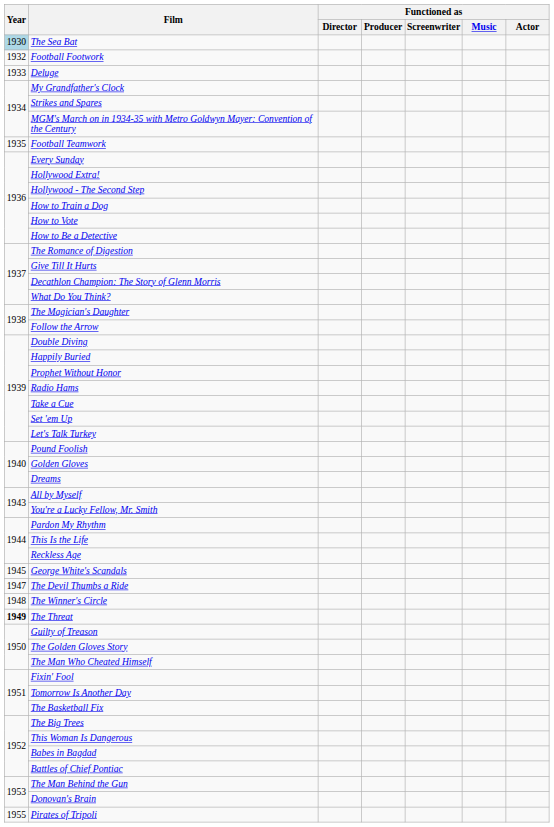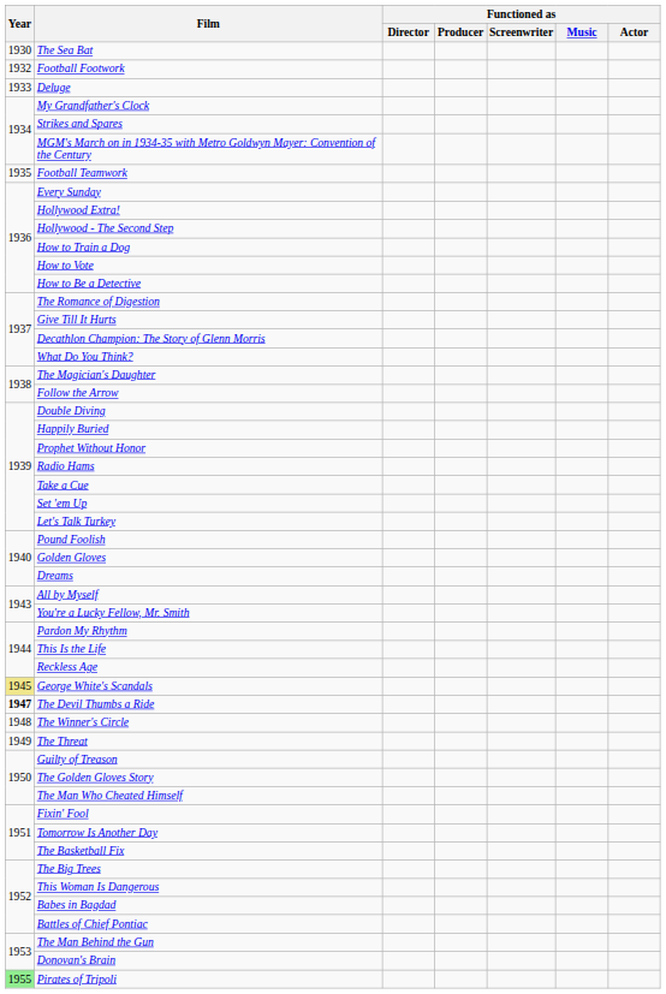 <table class="wikitable">
 <tr>
 <th rowspan="2" width="33">Year</th>
 <th rowspan="2" width="475">Film</th>
 <th colspan="5">Functioned as</th>
 </tr>
 <tr>
 <th width=65>Director</th>
 <th width=65>Producer</th>
 <th width=65>Screenwriter</th>
 <th width=65><a href='#'>Music</a></th>
 <th width=65>Actor</th>
 </tr>
 <tr align="center">
-<td rowspan=1 style="background: lightblue;">1930</td>
+<td rowspan=1>1930</td>
 <td align="left"><em><a href='#'>The Sea Bat</a></em></td>
 <td></td>
 <td></td>
 <td></td>
 <td></td>
 <td></td>
 </tr>
 <tr align="center">
 <td rowspan=1>1932</td>
 <td align="left"><em><a href='#'>Football Footwork</a></em></td>
 <td></td>
 <td></td>
 <td></td>
 <td></td>
 <td></td>
 </tr>
 <tr align="center">
 <td rowspan=1>1933</td>
 <td align="left"><em><a href='#'>Deluge</a></em></td>
 <td></td>
 <td></td>
 <td></td>
 <td></td>
 <td></td>
 </tr>
 <tr align="center">
 <td rowspan=3>1934</td>
 <td align="left"><em><a href='#'>My Grandfather's Clock</a></em></td>
 <td></td>
 <td></td>
 <td></td>
 <td></td>
 <td></td>
 </tr>
 <tr align="center">
 <td align="left"><em><a href='#'>Strikes and Spares</a></em></td>
 <td></td>
 <td></td>
 <td></td>
 <td></td>
 <td></td>
 </tr>
 <tr align="center">
 <td align="left"><em><a href='#'>MGM's March on in 1934-35 with Metro Goldwyn Mayer: Convention of the Century</a></em></td>
 <td></td>
 <td></td>
 <td></td>
 <td></td>
 <td></td>
 </tr>
 <tr align="center">
 <td rowspan=1>1935</td>
 <td align="left"><em><a href='#'>Football Teamwork</a></em></td>
 <td></td>
 <td></td>
 <td></td>
 <td></td>
 <td></td>
 </tr>
 <tr align="center">
 <td rowspan=6>1936</td>
 <td align="left"><em><a href='#'>Every Sunday</a></em></td>
 <td></td>
 <td></td>
 <td></td>
 <td></td>
 <td></td>
 </tr>
 <tr align="center">
 <td align="left"><em><a href='#'>Hollywood Extra!</a></em></td>
 <td></td>
 <td></td>
 <td></td>
 <td></td>
 <td></td>
 </tr>
 <tr align="center">
 <td align="left"><em><a href='#'>Hollywood - The Second Step</a></em></td>
 <td></td>
 <td></td>
 <td></td>
 <td></td>
 <td></td>
 </tr>
 <tr align="center">
 <td align="left"><em><a href='#'>How to Train a Dog</a></em></td>
 <td></td>
 <td></td>
 <td></td>
 <td></td>
 <td></td>
 </tr>
 <tr align="center">
 <td align="left"><em><a href='#'>How to Vote</a></em></td>
 <td></td>
 <td></td>
 <td></td>
 <td></td>
 <td></td>
 </tr>
 <tr align="center">
 <td align="left"><em><a href='#'>How to Be a Detective</a></em></td>
 <td></td>
 <td></td>
 <td></td>
 <td></td>
 <td></td>
 </tr>
 <tr align="center">
 <td rowspan=4>1937</td>
 <td align="left"><em><a href='#'>The Romance of Digestion</a></em></td>
 <td></td>
 <td></td>
 <td></td>
 <td></td>
 <td></td>
 </tr>
 <tr align="center">
 <td align="left"><em><a href='#'>Give Till It Hurts</a></em></td>
 <td></td>
 <td></td>
 <td></td>
 <td></td>
 <td></td>
 </tr>
 <tr align="center">
 <td align="left"><em><a href='#'>Decathlon Champion: The Story of Glenn Morris</a></em></td>
 <td></td>
 <td></td>
 <td></td>
 <td></td>
 <td></td>
 </tr>
 <tr align="center">
 <td align="left"><em><a href='#'>What Do You Think?</a></em></td>
 <td></td>
 <td></td>
 <td></td>
 <td></td>
 <td></td>
 </tr>
 <tr align="center">
 <td rowspan=2>1938</td>
 <td align="left"><em><a href='#'>The Magician's Daughter</a></em></td>
 <td></td>
 <td></td>
 <td></td>
 <td></td>
 <td></td>
 </tr>
 <tr align="center">
 <td align="left"><em><a href='#'>Follow the Arrow</a></em></td>
 <td></td>
 <td></td>
 <td></td>
 <td></td>
 <td></td>
 </tr>
 <tr align="center">
 <td rowspan=7>1939</td>
 <td align="left"><em><a href='#'>Double Diving</a></em></td>
 <td></td>
 <td></td>
 <td></td>
 <td></td>
 <td></td>
 </tr>
 <tr align="center">
 <td align="left"><em><a href='#'>Happily Buried</a></em></td>
 <td></td>
 <td></td>
 <td></td>
 <td></td>
 <td></td>
 </tr>
 <tr align="center">
 <td align="left"><em><a href='#'>Prophet Without Honor</a></em></td>
 <td></td>
 <td></td>
 <td></td>
 <td></td>
 <td></td>
 </tr>
 <tr align="center">
 <td align="left"><em><a href='#'>Radio Hams</a></em></td>
 <td></td>
 <td></td>
 <td></td>
 <td></td>
 <td></td>
 </tr>
 <tr align="center">
 <td align="left"><em><a href='#'>Take a Cue</a></em></td>
 <td></td>
 <td></td>
 <td></td>
 <td></td>
 <td></td>
 </tr>
 <tr align="center">
 <td align="left"><em><a href='#'>Set 'em Up</a></em></td>
 <td></td>
 <td></td>
 <td></td>
 <td></td>
 <td></td>
 </tr>
 <tr align="center">
 <td align="left"><em><a href='#'>Let's Talk Turkey</a></em></td>
 <td></td>
 <td></td>
 <td></td>
 <td></td>
 <td></td>
 </tr>
 <tr align="center">
 <td rowspan=3>1940</td>
 <td align="left"><em><a href='#'>Pound Foolish</a></em></td>
 <td></td>
 <td></td>
 <td></td>
 <td></td>
 <td></td>
 </tr>
 <tr align="center">
 <td align="left"><em><a href='#'>Golden Gloves</a></em></td>
 <td></td>
 <td></td>
 <td></td>
 <td></td>
 <td></td>
 </tr>
 <tr align="center">
 <td align="left"><em><a href='#'>Dreams</a></em></td>
 <td></td>
 <td></td>
 <td></td>
 <td></td>
 <td></td>
 </tr>
 <tr align="center">
 <td rowspan=2>1943</td>
 <td align="left"><em><a href='#'>All by Myself</a></em></td>
 <td></td>
 <td></td>
 <td></td>
 <td></td>
 <td></td>
 </tr>
 <tr align="center">
 <td align="left"><em><a href='#'>You're a Lucky Fellow, Mr. Smith</a></em></td>
 <td></td>
 <td></td>
 <td></td>
 <td></td>
 <td></td>
 </tr>
 <tr align="center">
 <td rowspan=3>1944</td>
 <td align="left"><em><a href='#'>Pardon My Rhythm</a></em></td>
 <td></td>
 <td></td>
 <td></td>
 <td></td>
 <td></td>
 </tr>
 <tr align="center">
 <td align="left"><em><a href='#'>This Is the Life</a></em></td>
 <td></td>
 <td></td>
 <td></td>
 <td></td>
 <td></td>
 </tr>
 <tr align="center">
 <td align="left"><em><a href='#'>Reckless Age</a></em></td>
 <td></td>
 <td></td>
 <td></td>
 <td></td>
 <td></td>
 </tr>
 <tr align="center">
-<td rowspan=1>1945</td>
+<td rowspan=1 style="background: khaki;">1945</td>
 <td align="left"><em><a href='#'>George White's Scandals</a></em></td>
 <td></td>
 <td></td>
 <td></td>
 <td></td>
 <td></td>
 </tr>
 <tr align="center">
-<td rowspan=1>1947</td>
+<td rowspan=1><strong>1947</strong></td>
 <td align="left"><em><a href='#'>The Devil Thumbs a Ride</a></em></td>
 <td></td>
 <td></td>
 <td></td>
 <td></td>
 <td></td>
 </tr>
 <tr align="center">
 <td rowspan=1>1948</td>
 <td align="left"><em><a href='#'>The Winner's Circle</a></em></td>
 <td></td>
 <td></td>
 <td></td>
 <td></td>
 <td></td>
 </tr>
 <tr align="center">
-<td rowspan=1><strong>1949</strong></td>
+<td rowspan=1>1949</td>
 <td align="left"><em><a href='#'>The Threat</a></em></td>
 <td></td>
 <td></td>
 <td></td>
 <td></td>
 <td></td>
 </tr>
 <tr align="center">
 <td rowspan=3>1950</td>
 <td align="left"><em><a href='#'>Guilty of Treason</a></em></td>
 <td></td>
 <td></td>
 <td></td>
 <td></td>
 <td></td>
 </tr>
 <tr align="center">
 <td align="left"><em><a href='#'>The Golden Gloves Story</a></em></td>
 <td></td>
 <td></td>
 <td></td>
 <td></td>
 <td></td>
 </tr>
 <tr align="center">
 <td align="left"><em><a href='#'>The Man Who Cheated Himself</a></em></td>
 <td></td>
 <td></td>
 <td></td>
 <td></td>
 <td></td>
 </tr>
 <tr align="center">
 <td rowspan=3>1951</td>
 <td align="left"><em><a href='#'>Fixin' Fool</a></em></td>
 <td></td>
 <td></td>
 <td></td>
 <td></td>
 <td></td>
 </tr>
 <tr align="center">
 <td align="left"><em><a href='#'>Tomorrow Is Another Day</a></em></td>
 <td></td>
 <td></td>
 <td></td>
 <td></td>
 <td></td>
 </tr>
 <tr align="center">
 <td align="left"><em><a href='#'>The Basketball Fix</a></em></td>
 <td></td>
 <td></td>
 <td></td>
 <td></td>
 <td></td>
 </tr>
 <tr align="center">
 <td rowspan=4>1952</td>
 <td align="left"><em><a href='#'>The Big Trees</a></em></td>
 <td></td>
 <td></td>
 <td></td>
 <td></td>
 <td></td>
 </tr>
 <tr align="center">
 <td align="left"><em><a href='#'>This Woman Is Dangerous</a></em></td>
 <td></td>
 <td></td>
 <td></td>
 <td></td>
 <td></td>
 </tr>
 <tr align="center">
 <td align="left"><em><a href='#'>Babes in Bagdad</a></em></td>
 <td></td>
 <td></td>
 <td></td>
 <td></td>
 <td></td>
 </tr>
 <tr align="center">
 <td align="left"><em><a href='#'>Battles of Chief Pontiac</a></em></td>
 <td></td>
 <td></td>
 <td></td>
 <td></td>
 <td></td>
 </tr>
 <tr align="center">
 <td rowspan=2>1953</td>
 <td align="left"><em><a href='#'>The Man Behind the Gun</a></em></td>
 <td></td>
 <td></td>
 <td></td>
 <td></td>
 <td></td>
 </tr>
 <tr align="center">
 <td align="left"><em><a href='#'>Donovan's Brain</a></em></td>
 <td></td>
 <td></td>
 <td></td>
 <td></td>
 <td></td>
 </tr>
 <tr align="center">
-<td rowspan=1>1955</td>
+<td rowspan=1 style="background: lightgreen;">1955</td>
 <td align="left"><em><a href='#'>Pirates of Tripoli</a></em></td>
 <td></td>
 <td></td>
 <td></td>
 <td></td>
 <td></td>
 </tr>
 </table>
